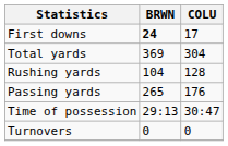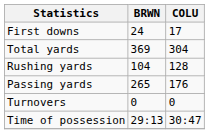 <table class="wikitable">
 <tr>
 <th>Statistics</th>
 <th>BRWN</th>
 <th>COLU</th>
 </tr>
 <tr>
 <td>First downs</td>
-<td><strong>24</strong></td>
+<td>24</td>
 <td>17</td>
 </tr>
 <tr>
 <td>Total yards</td>
 <td>369</td>
 <td>304</td>
 </tr>
 <tr>
 <td>Rushing yards</td>
 <td>104</td>
 <td>128</td>
 </tr>
 <tr>
 <td>Passing yards</td>
 <td>265</td>
 <td>176</td>
 </tr>
 <tr>
+<td>Turnovers</td>
+<td>0</td>
+<td>0</td>
+</tr>
+<tr>
 <td>Time of possession</td>
 <td>29:13</td>
 <td>30:47</td>
 </tr>
 <tr>
-<td>Turnovers</td>
-<td>0</td>
-<td>0</td>
-</tr>
-<tr>
 </tr>
 </table>
